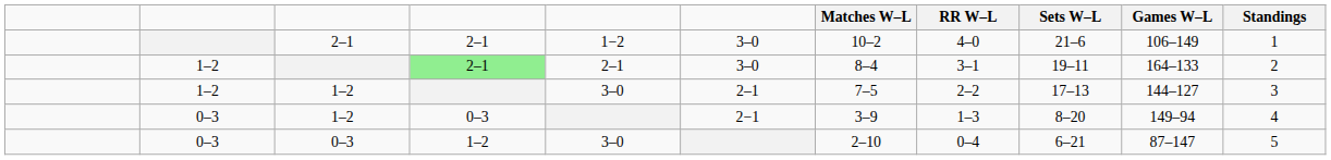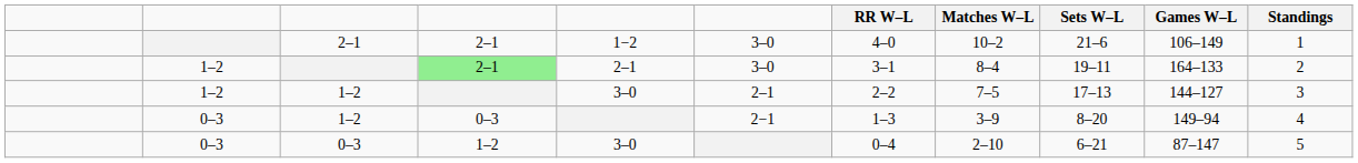 <table class="wikitable" style="width: 100%; text-align:center; font-size:90%">
 <tr>
 <td width=108></td>
 <td width=108></td>
 <td width=108></td>
 <td width=108></td>
 <td width=108></td>
 <td width=108></td>
+<th width=80>RR W–L</th>
 <th width=80>Matches W–L</th>
-<th width=80>RR W–L</th>
 <th width=80>Sets W–L</th>
 <th width=80>Games W–L</th>
 <th width=80>Standings</th>
 </tr>
 <tr>
 <td style="text-align:left;"></td>
 <th bgcolor="ededed"></th>
 <td>2–1</td>
 <td>2–1</td>
 <td>1−2</td>
 <td>3–0</td>
+<td>4–0</td>
 <td>10–2</td>
-<td>4–0</td>
 <td>21–6</td>
 <td>106–149</td>
 <td>1</td>
 </tr>
 <tr>
 <td style="text-align:left;"></td>
 <td>1–2</td>
 <th bgcolor="ededed"></th>
 <td style="background: lightgreen;">2–1</td>
 <td>2–1</td>
 <td>3–0</td>
+<td>3–1</td>
 <td>8–4</td>
-<td>3–1</td>
 <td>19–11</td>
 <td>164–133</td>
 <td>2</td>
 </tr>
 <tr>
 <td style="text-align:left;"></td>
 <td>1–2</td>
 <td>1–2</td>
 <th bgcolor="ededed"></th>
 <td>3–0</td>
 <td>2–1</td>
+<td>2–2</td>
 <td>7–5</td>
-<td>2–2</td>
 <td>17–13</td>
 <td>144–127</td>
 <td>3</td>
 </tr>
 <tr>
 <td style="text-align:left;"></td>
 <td>0–3</td>
 <td>1–2</td>
 <td>0–3</td>
 <th bgcolor="ededed"></th>
 <td>2−1</td>
+<td>1–3</td>
 <td>3–9</td>
-<td>1–3</td>
 <td>8–20</td>
 <td>149–94</td>
 <td>4</td>
 </tr>
 <tr>
 <td style="text-align:left;"></td>
 <td>0–3</td>
 <td>0–3</td>
 <td>1–2</td>
 <td>3–0</td>
 <th bgcolor="ededed"></th>
+<td>0–4</td>
 <td>2–10</td>
-<td>0–4</td>
 <td>6–21</td>
 <td>87–147</td>
 <td>5</td>
 </tr>
 </table>
